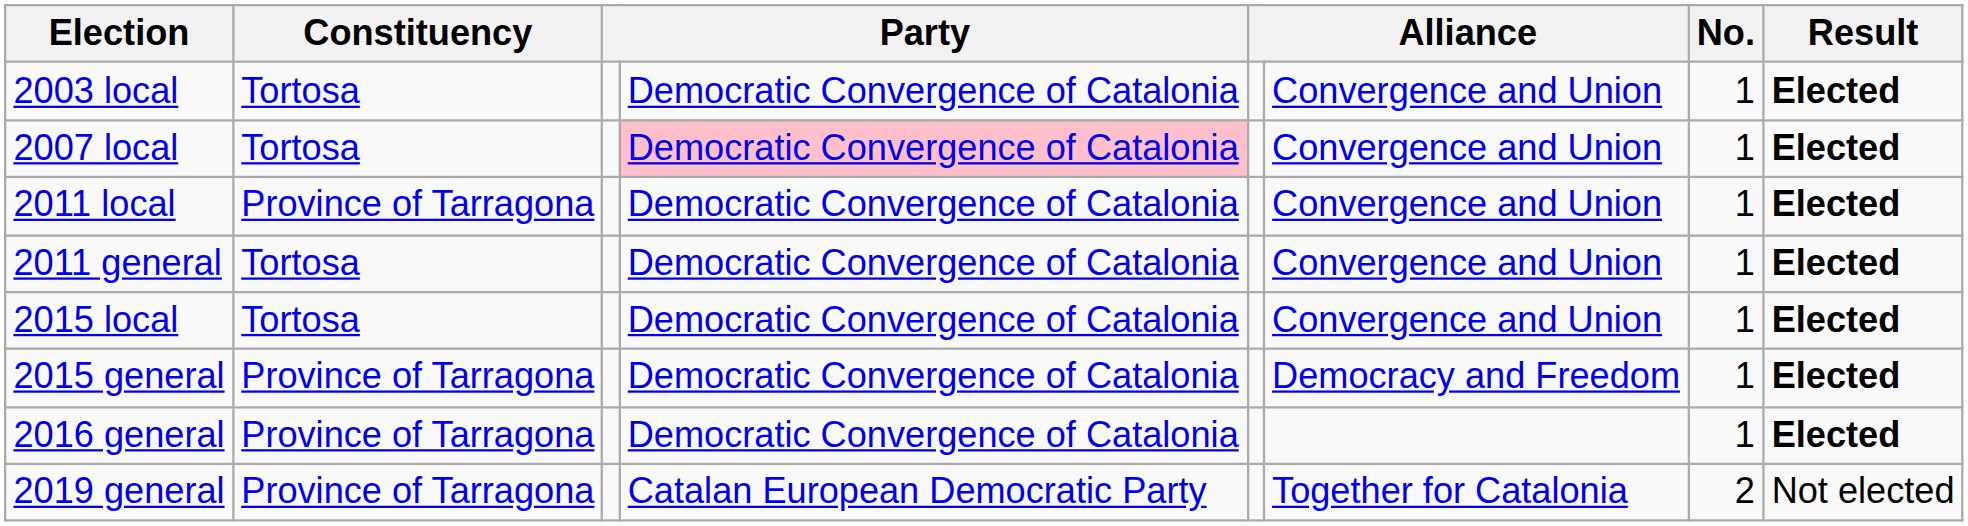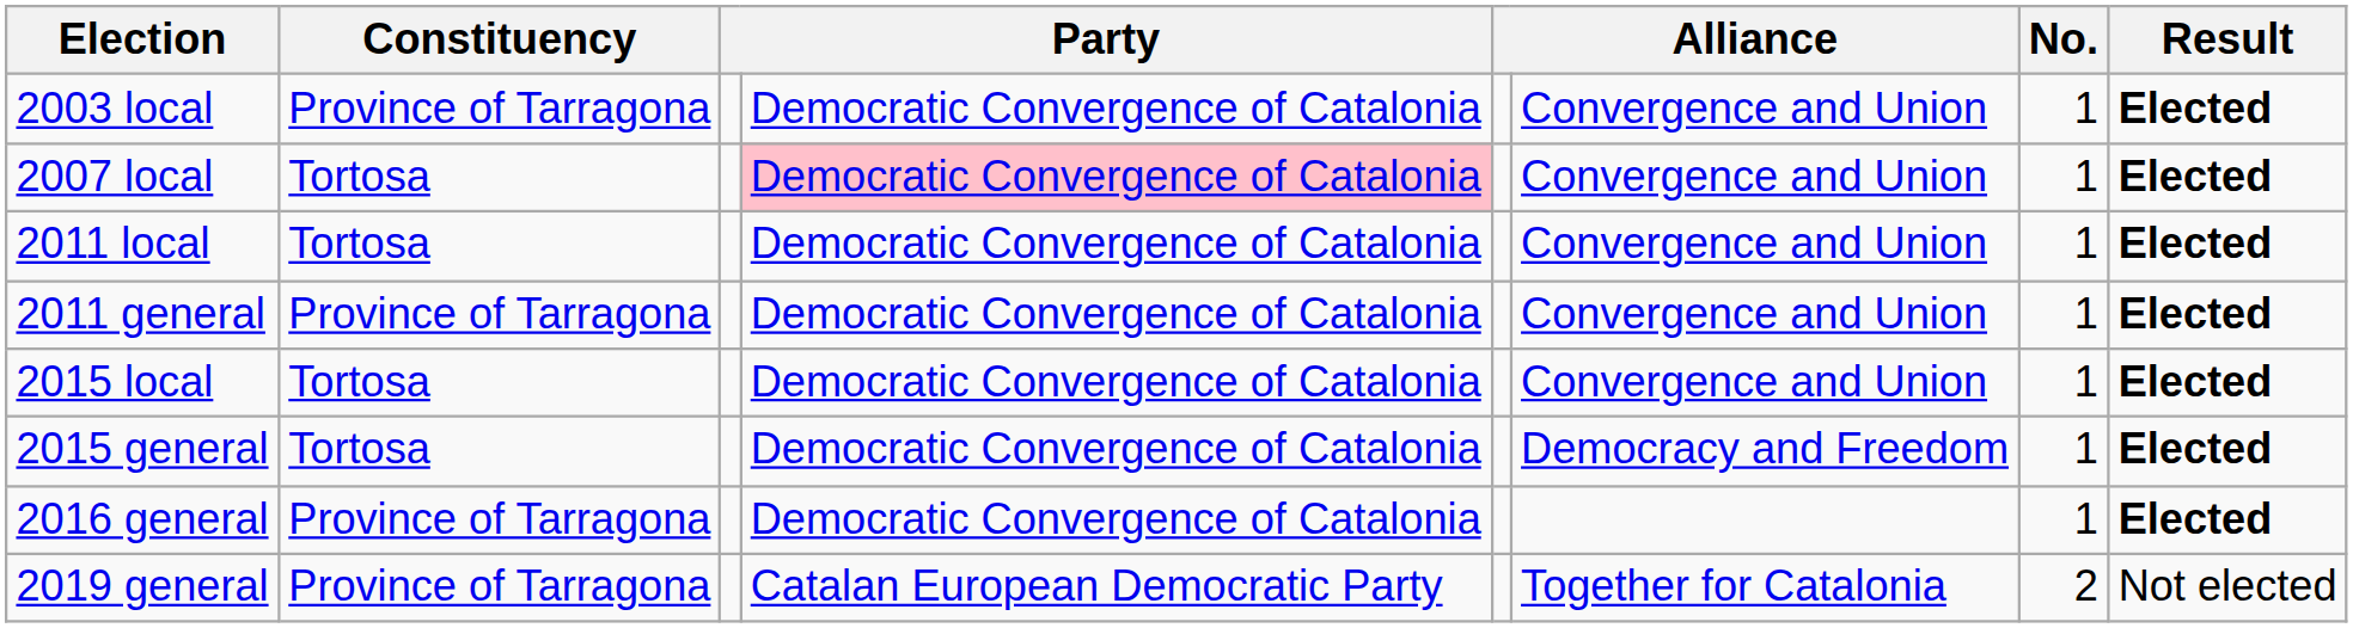 <table class="wikitable" style="text-align:left;">
 <tr>
 <th scope=col>Election</th>
 <th scope=col>Constituency</th>
 <th scope=col colspan="2">Party</th>
 <th scope=col colspan="2">Alliance</th>
 <th scope=col>No.</th>
 <th scope=col>Result</th>
 </tr>
 <tr>
 <td><a href='#'>2003 local</a></td>
-<td><a href='#'>Tortosa</a></td>
+<td><a href='#'>Province of Tarragona</a></td>
 <td style="background:"></td>
 <td><a href='#'>Democratic Convergence of Catalonia</a></td>
 <td style="background:"></td>
 <td><a href='#'>Convergence and Union</a></td>
 <td align=right>1</td>
 <td><strong>Elected</strong></td>
 </tr>
 <tr>
 <td><a href='#'>2007 local</a></td>
 <td><a href='#'>Tortosa</a></td>
 <td style="background:"></td>
 <td style="background: pink;"><a href='#'>Democratic Convergence of Catalonia</a></td>
 <td style="background:"></td>
 <td><a href='#'>Convergence and Union</a></td>
 <td align=right>1</td>
 <td><strong>Elected</strong></td>
 </tr>
 <tr>
 <td><a href='#'>2011 local</a></td>
-<td><a href='#'>Province of Tarragona</a></td>
+<td><a href='#'>Tortosa</a></td>
 <td style="background:"></td>
 <td><a href='#'>Democratic Convergence of Catalonia</a></td>
 <td style="background:"></td>
 <td><a href='#'>Convergence and Union</a></td>
 <td align=right>1</td>
 <td><strong>Elected</strong></td>
 </tr>
 <tr>
 <td><a href='#'>2011 general</a></td>
-<td><a href='#'>Tortosa</a></td>
+<td><a href='#'>Province of Tarragona</a></td>
 <td style="background:"></td>
 <td><a href='#'>Democratic Convergence of Catalonia</a></td>
 <td style="background:"></td>
 <td><a href='#'>Convergence and Union</a></td>
 <td align=right>1</td>
 <td><strong>Elected</strong></td>
 </tr>
 <tr>
 <td><a href='#'>2015 local</a></td>
 <td><a href='#'>Tortosa</a></td>
 <td style="background:"></td>
 <td><a href='#'>Democratic Convergence of Catalonia</a></td>
 <td style="background:"></td>
 <td><a href='#'>Convergence and Union</a></td>
 <td align=right>1</td>
 <td><strong>Elected</strong></td>
 </tr>
 <tr>
 <td><a href='#'>2015 general</a></td>
-<td><a href='#'>Province of Tarragona</a></td>
+<td><a href='#'>Tortosa</a></td>
 <td style="background:"></td>
 <td><a href='#'>Democratic Convergence of Catalonia</a></td>
 <td style="background:"></td>
 <td><a href='#'>Democracy and Freedom</a></td>
 <td align=right>1</td>
 <td><strong>Elected</strong></td>
 </tr>
 <tr>
 <td><a href='#'>2016 general</a></td>
 <td><a href='#'>Province of Tarragona</a></td>
 <td style="background:"></td>
 <td><a href='#'>Democratic Convergence of Catalonia</a></td>
 <td></td>
 <td></td>
 <td align=right>1</td>
 <td><strong>Elected</strong></td>
 </tr>
 <tr>
 <td><a href='#'>2019 general</a></td>
 <td><a href='#'>Province of Tarragona</a></td>
 <td style="background:"></td>
 <td><a href='#'>Catalan European Democratic Party</a></td>
 <td style="background:"></td>
 <td><a href='#'>Together for Catalonia</a></td>
 <td align=right>2</td>
 <td>Not elected</td>
 </tr>
 </table>
